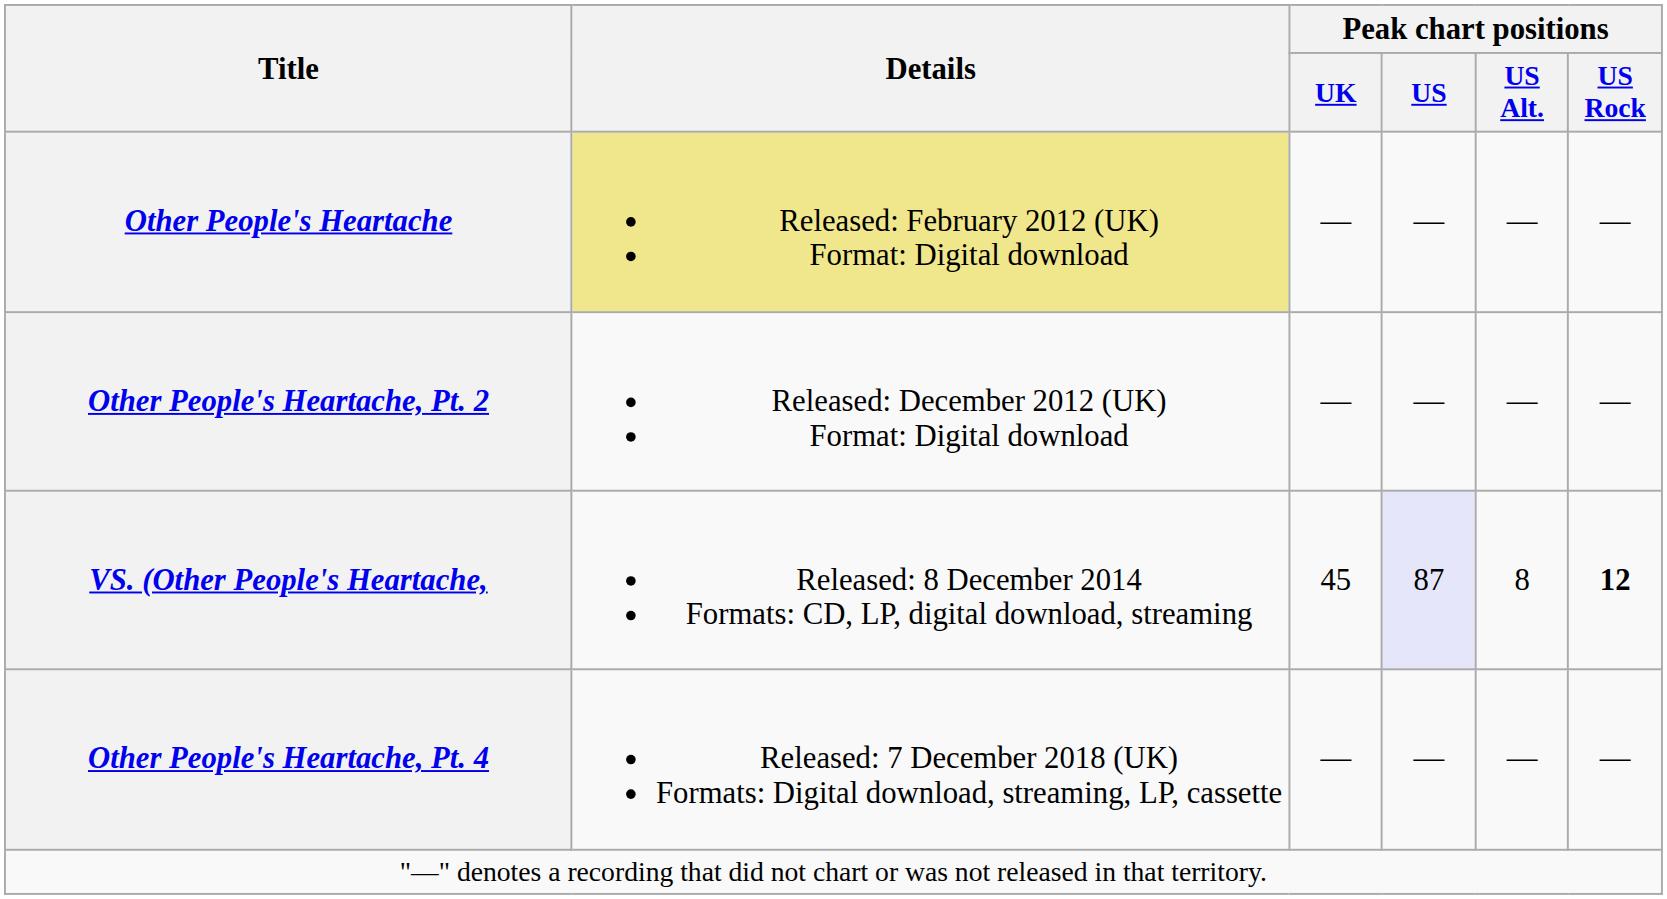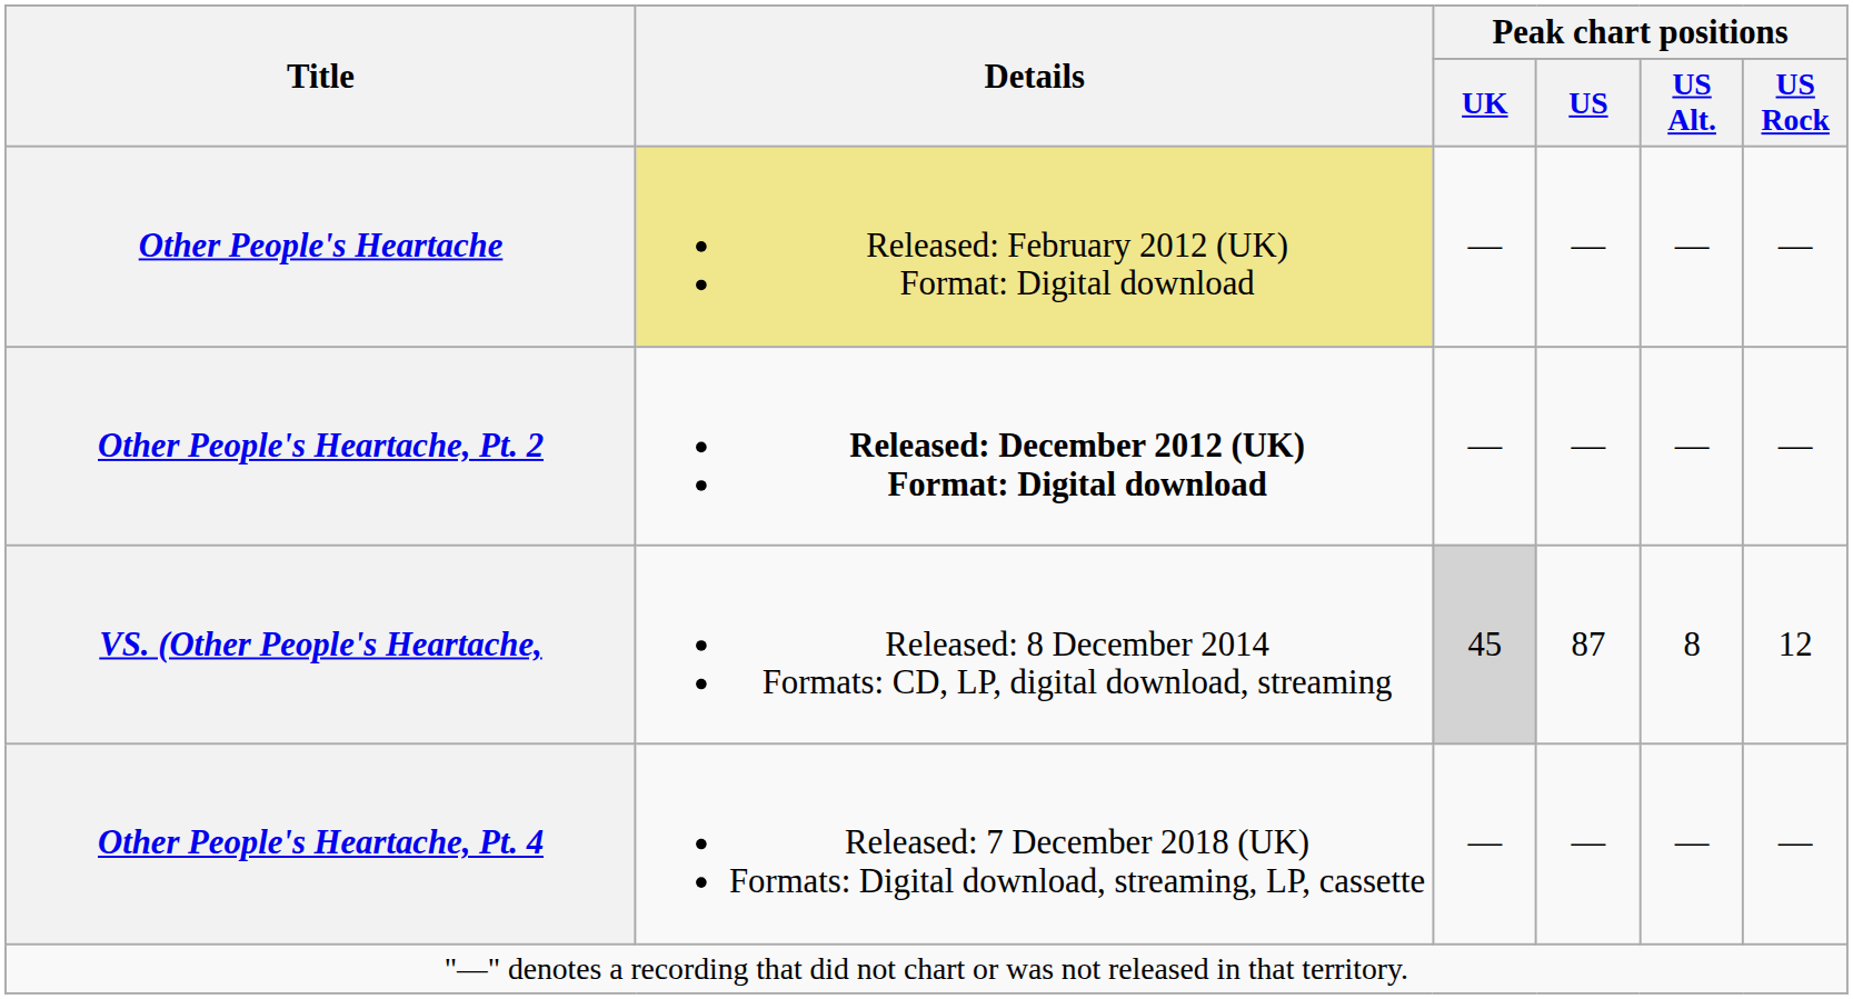 <table class="wikitable plainrowheaders" style="text-align:center;" border="1">
 <tr>
 <th scope="col" rowspan="2" style="width:18em;">Title</th>
 <th scope="col" rowspan="2">Details</th>
 <th scope="col" colspan="4">Peak chart positions</th>
 </tr>
 <tr>
 <th scope="col" style="width:2.9em;font-size:90%;"><a href='#'>UK</a><br></th>
 <th scope="col" style="width:2.9em;font-size:90%;"><a href='#'>US</a><br></th>
 <th scope="col" style="width:2.9em;font-size:90%;"><a href='#'>US<br>Alt.</a><br></th>
 <th scope="col" style="width:2.9em;font-size:90%;"><a href='#'>US<br>Rock</a><br></th>
 </tr>
 <tr>
 <th scope="row"><em><a href='#'>Other People's Heartache</a></em></th>
 <td style="background: khaki;"><br><ul><li>Released: February 2012 <span>(UK)</span></li><li>Format: Digital download</li></ul></td>
 <td>—</td>
 <td>—</td>
 <td>—</td>
 <td>—</td>
 </tr>
 <tr>
 <th scope="row"><em><a href='#'>Other People's Heartache, Pt. 2</a></em></th>
-<td><br><ul><li>Released: December 2012 <span>(UK)</span></li><li>Format: Digital download</li></ul></td>
+<td><strong><br><ul><li>Released: December 2012 <span>(UK)</span></li><li>Format: Digital download</li></ul></strong></td>
 <td>—</td>
 <td>—</td>
 <td>—</td>
 <td>—</td>
 </tr>
 <tr>
 <th scope="row"><em><a href='#'>VS. (Other People's Heartache, </a></em></th>
 <td><br><ul><li>Released: 8 December 2014</li><li>Formats: CD, LP, digital download, streaming</li></ul></td>
-<td>45</td>
-<td style="background: lavender;">87</td>
+<td style="background: lightgrey;">45</td>
+<td>87</td>
 <td>8</td>
-<td><strong>12</strong></td>
+<td>12</td>
 </tr>
 <tr>
 <th scope="row"><em><a href='#'>Other People's Heartache, Pt. 4</a></em></th>
 <td><br><ul><li>Released: 7 December 2018 <span>(UK)</span></li><li>Formats: Digital download, streaming, LP, cassette</li></ul></td>
 <td>—</td>
 <td>—</td>
 <td>—</td>
 <td>—</td>
 </tr>
 <tr>
 <td colspan="7" style="font-size:90%">"—" denotes a recording that did not chart or was not released in that territory.</td>
 </tr>
 </table>
